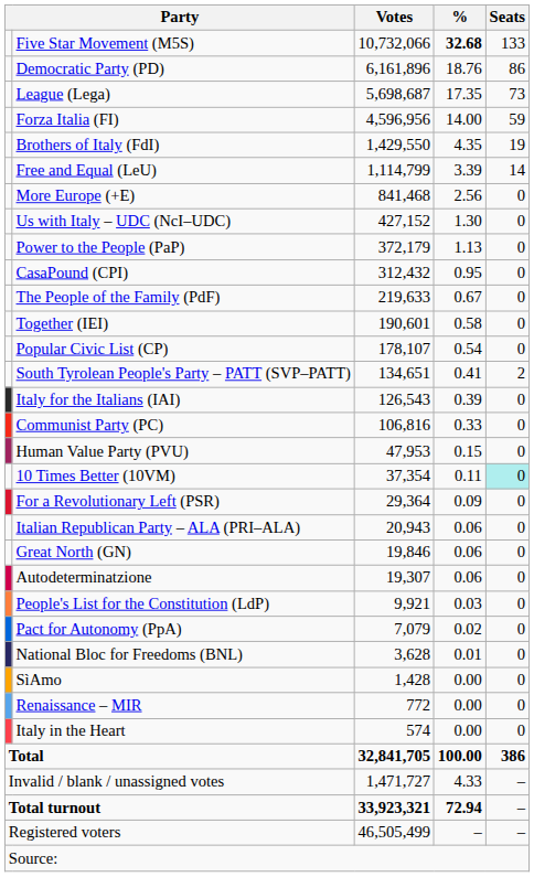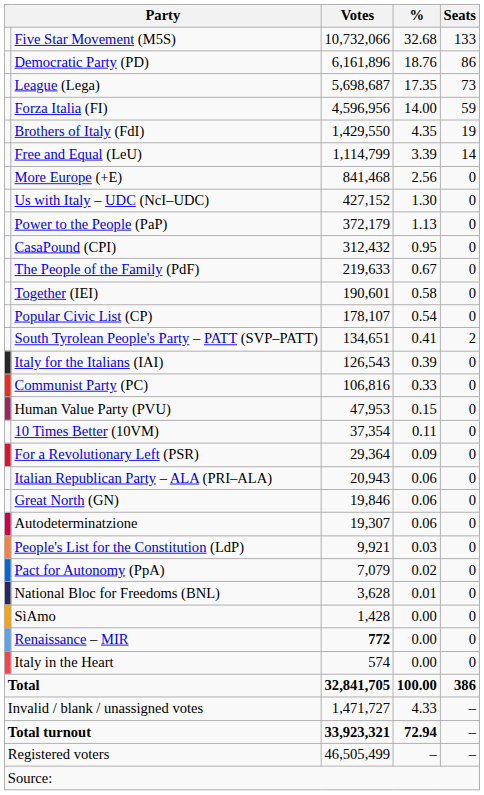 <table class="wikitable" style="text-align:right">
 <tr>
 <th colspan=2>Party</th>
 <th>Votes</th>
 <th>%</th>
 <th>Seats</th>
 </tr>
 <tr>
 <td></td>
 <td style="text-align:left;"><a href='#'>Five Star Movement</a> (M5S)</td>
 <td style="text-align:right;">10,732,066</td>
-<td style="text-align:right;"><strong>32.68</strong></td>
+<td style="text-align:right;">32.68</td>
 <td style="text-align:right;">133</td>
 </tr>
 <tr>
 <td></td>
 <td style="text-align:left;"><a href='#'>Democratic Party</a> (PD)</td>
 <td style="text-align:right;">6,161,896</td>
 <td style="text-align:right;">18.76</td>
 <td style="text-align:right;">86</td>
 </tr>
 <tr>
 <td></td>
 <td style="text-align:left;"><a href='#'>League</a> (Lega)</td>
 <td style="text-align:right;">5,698,687</td>
 <td style="text-align:right;">17.35</td>
 <td style="text-align:right;">73</td>
 </tr>
 <tr>
 <td></td>
 <td style="text-align:left;"><a href='#'>Forza Italia</a> (FI)</td>
 <td style="text-align:right;">4,596,956</td>
 <td style="text-align:right;">14.00</td>
 <td style="text-align:right;">59</td>
 </tr>
 <tr>
 <td></td>
 <td style="text-align:left;"><a href='#'>Brothers of Italy</a> (FdI)</td>
 <td style="text-align:right;">1,429,550</td>
 <td style="text-align:right;">4.35</td>
 <td style="text-align:right;">19</td>
 </tr>
 <tr>
 <td></td>
 <td style="text-align:left;"><a href='#'>Free and Equal</a> (LeU)</td>
 <td style="text-align:right;">1,114,799</td>
 <td style="text-align:right;">3.39</td>
 <td style="text-align:right;">14</td>
 </tr>
 <tr>
 <td></td>
 <td style="text-align:left;"><a href='#'>More Europe</a> (+E)</td>
 <td style="text-align:right;">841,468</td>
 <td style="text-align:right;">2.56</td>
 <td style="text-align:right;">0</td>
 </tr>
 <tr>
 <td></td>
 <td style="text-align:left;"><a href='#'>Us with Italy</a> – <a href='#'>UDC</a> (NcI–UDC)</td>
 <td style="text-align:right;">427,152</td>
 <td style="text-align:right;">1.30</td>
 <td style="text-align:right;">0</td>
 </tr>
 <tr>
 <td></td>
 <td style="text-align:left;"><a href='#'>Power to the People</a> (PaP)</td>
 <td style="text-align:right;">372,179</td>
 <td style="text-align:right;">1.13</td>
 <td style="text-align:right;">0</td>
 </tr>
 <tr>
 <td></td>
 <td style="text-align:left;"><a href='#'>CasaPound</a> (CPI)</td>
 <td style="text-align:right;">312,432</td>
 <td style="text-align:right;">0.95</td>
 <td style="text-align:right;">0</td>
 </tr>
 <tr>
 <td style="background:"></td>
 <td style="text-align:left;"><a href='#'>The People of the Family</a> (PdF)</td>
 <td style="text-align:right;">219,633</td>
 <td style="text-align:right;">0.67</td>
 <td style="text-align:right;">0</td>
 </tr>
 <tr>
 <td></td>
 <td style="text-align:left;"><a href='#'>Together</a> (IEI)</td>
 <td style="text-align:right;">190,601</td>
 <td style="text-align:right;">0.58</td>
 <td style="text-align:right;">0</td>
 </tr>
 <tr>
 <td></td>
 <td style="text-align:left;"><a href='#'>Popular Civic List</a> (CP)</td>
 <td style="text-align:right;">178,107</td>
 <td style="text-align:right;">0.54</td>
 <td style="text-align:right;">0</td>
 </tr>
 <tr>
 <td></td>
 <td style="text-align:left;"><a href='#'>South Tyrolean People's Party</a> – <a href='#'>PATT</a> (SVP–PATT)</td>
 <td style="text-align:right;">134,651</td>
 <td style="text-align:right;">0.41</td>
 <td style="text-align:right;">2</td>
 </tr>
 <tr>
 <td style="background:#282828;"></td>
 <td style="text-align:left;"><a href='#'>Italy for the Italians</a> (IAI)</td>
 <td style="text-align:right;">126,543</td>
 <td style="text-align:right;">0.39</td>
 <td style="text-align:right;">0</td>
 </tr>
 <tr>
 <td style="background:#f62817;"></td>
 <td style="text-align:left;"><a href='#'>Communist Party</a> (PC)</td>
 <td style="text-align:right;">106,816</td>
 <td style="text-align:right;">0.33</td>
 <td style="text-align:right;">0</td>
 </tr>
 <tr>
 <td style="background:#9F235F;"></td>
 <td style="text-align:left;">Human Value Party (PVU)</td>
 <td style="text-align:right;">47,953</td>
 <td style="text-align:right;">0.15</td>
 <td style="text-align:right;">0</td>
 </tr>
 <tr>
 <td></td>
 <td style="text-align:left;"><a href='#'>10 Times Better</a> (10VM)</td>
 <td style="text-align:right;">37,354</td>
 <td style="text-align:right;">0.11</td>
-<td style="background: paleturquoise; text-align:right;">0</td>
+<td style="text-align:right;">0</td>
 </tr>
 <tr>
 <td style="background:#dc142f;"></td>
 <td style="text-align:left;"><a href='#'>For a Revolutionary Left</a> (PSR)</td>
 <td style="text-align:right;">29,364</td>
 <td style="text-align:right;">0.09</td>
 <td style="text-align:right;">0</td>
 </tr>
 <tr>
 <td></td>
 <td style="text-align:left;"><a href='#'>Italian Republican Party</a> – <a href='#'>ALA</a> (PRI–ALA)</td>
 <td style="text-align:right;">20,943</td>
 <td style="text-align:right;">0.06</td>
 <td style="text-align:right;">0</td>
 </tr>
 <tr>
 <td style="background:"></td>
 <td style="text-align:left;"><a href='#'>Great North</a> (GN)</td>
 <td style="text-align:right;">19,846</td>
 <td style="text-align:right;">0.06</td>
 <td style="text-align:right;">0</td>
 </tr>
 <tr>
 <td style="background:#D0004D;"></td>
 <td style="text-align:left;">Autodeterminatzione</td>
 <td style="text-align:right;">19,307</td>
 <td style="text-align:right;">0.06</td>
 <td style="text-align:right;">0</td>
 </tr>
 <tr>
 <td style="background:#ff7e3b;"></td>
 <td style="text-align:left;"><a href='#'>People's List for the Constitution</a> (LdP)</td>
 <td style="text-align:right;">9,921</td>
 <td style="text-align:right;">0.03</td>
 <td style="text-align:right;">0</td>
 </tr>
 <tr>
 <td style="background:#0067DC;"></td>
 <td style="text-align:left;"><a href='#'>Pact for Autonomy</a> (PpA)</td>
 <td style="text-align:right;">7,079</td>
 <td style="text-align:right;">0.02</td>
 <td style="text-align:right;">0</td>
 </tr>
 <tr>
 <td style="background:#272764;"></td>
 <td style="text-align:left;">National Bloc for Freedoms (BNL)</td>
 <td style="text-align:right;">3,628</td>
 <td style="text-align:right;">0.01</td>
 <td style="text-align:right;">0</td>
 </tr>
 <tr>
 <td style="background:orange;"></td>
 <td style="text-align:left;">SìAmo</td>
 <td style="text-align:right;">1,428</td>
 <td style="text-align:right;">0.00</td>
 <td style="text-align:right;">0</td>
 </tr>
 <tr>
 <td style="background:#56A5EC;"></td>
 <td style="text-align:left;"><a href='#'>Renaissance</a> – <a href='#'>MIR</a></td>
-<td style="text-align:right;">772</td>
+<td style="text-align:right;"><strong>772</strong></td>
 <td style="text-align:right;">0.00</td>
 <td style="text-align:right;">0</td>
 </tr>
 <tr>
 <td style="background:#FF3F4C;"></td>
 <td style="text-align:left;">Italy in the Heart</td>
 <td style="text-align:right;">574</td>
 <td style="text-align:right;">0.00</td>
 <td style="text-align:right;">0</td>
 </tr>
 <tr>
 <td style="text-align:left;" colspan="2"><strong>Total</strong></td>
 <td style="text-align:right;"><strong>32,841,705</strong></td>
 <td style="text-align:right;"><strong>100.00</strong></td>
 <td style="text-align:right;"><strong>386</strong></td>
 </tr>
 <tr>
 <td style="text-align:left;" colspan="2">Invalid / blank / unassigned votes</td>
 <td>1,471,727</td>
 <td>4.33</td>
 <td>–</td>
 </tr>
 <tr>
 <td style="text-align:left;" colspan="2"><strong>Total turnout</strong></td>
 <td><strong>33,923,321</strong></td>
 <td><strong>72.94</strong></td>
 <td>–</td>
 </tr>
 <tr>
 <td style="text-align:left;" colspan="2">Registered voters</td>
 <td>46,505,499</td>
 <td>–</td>
 <td>–</td>
 </tr>
 <tr>
 <td style="text-align:left;" colspan="7">Source: </td>
 </tr>
 </table>
